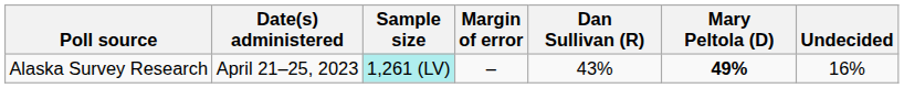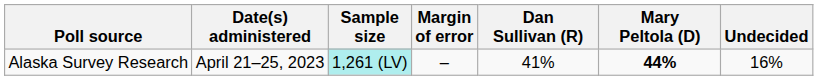 <table class="wikitable" style="font-size:90%;text-align:center;">
 <tr style="vertical-align:bottom">
 <th>Poll source</th>
 <th>Date(s)<br>administered</th>
 <th>Sample<br>size</th>
 <th>Margin<br>of error</th>
 <th style="width:100px;">Dan<br>Sullivan (R)</th>
 <th style="width:100px;">Mary<br>Peltola (D)</th>
 <th>Undecided</th>
 </tr>
 <tr>
 <td style="text-align:left;">Alaska Survey Research</td>
 <td>April 21–25, 2023</td>
 <td style="background: paleturquoise;">1,261 (LV)</td>
 <td>–</td>
-<td>43%</td>
-<td><strong>49%</strong></td>
+<td>41%</td>
+<td><strong>44%</strong></td>
 <td>16%</td>
 </tr>
 </table>
